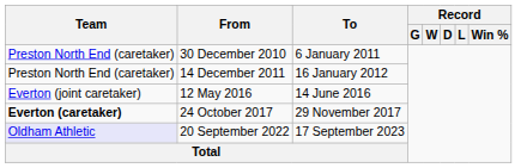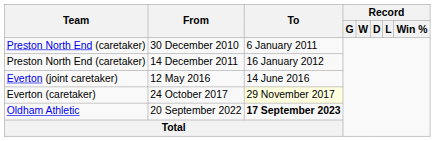 <table class="wikitable" style="text-align: center">
 <tr>
 <th rowspan="2">Team</th>
 <th rowspan="2">From</th>
 <th rowspan="2">To</th>
 <th colspan="6">Record</th>
 </tr>
 <tr>
 <th>G</th>
 <th>W</th>
 <th>D</th>
 <th>L</th>
 <th>Win %</th>
 </tr>
 <tr>
 <td align=left><a href='#'>Preston North End</a> (caretaker)</td>
 <td align=left>30 December 2010</td>
 <td align=left>6 January 2011<br></td>
 </tr>
 <tr>
 <td align=left>Preston North End (caretaker)</td>
 <td align=left>14 December 2011</td>
 <td align=left>16 January 2012<br></td>
 </tr>
 <tr>
 <td align=left><a href='#'>Everton</a> (joint caretaker)</td>
 <td align=left>12 May 2016</td>
 <td align=left>14 June 2016<br></td>
 </tr>
 <tr>
-<td align=left><strong>Everton (caretaker)</strong></td>
+<td align=left>Everton (caretaker)</td>
 <td align=left>24 October 2017</td>
-<td align=left>29 November 2017<br></td>
+<td align=left style="background: lightyellow;">29 November 2017<br></td>
 </tr>
 <tr>
-<td align=left style="background: lavender;"><a href='#'>Oldham Athletic</a></td>
+<td align=left><a href='#'>Oldham Athletic</a></td>
 <td align=left>20 September 2022</td>
-<td align=left>17 September 2023<br></td>
+<td align=left><strong>17 September 2023<br></strong></td>
 </tr>
 <tr>
 <th colspan="3">Total<br></th>
 </tr>
 </table>
